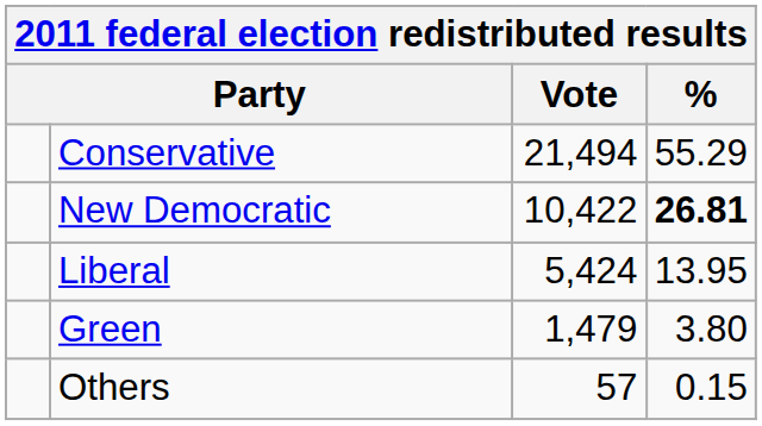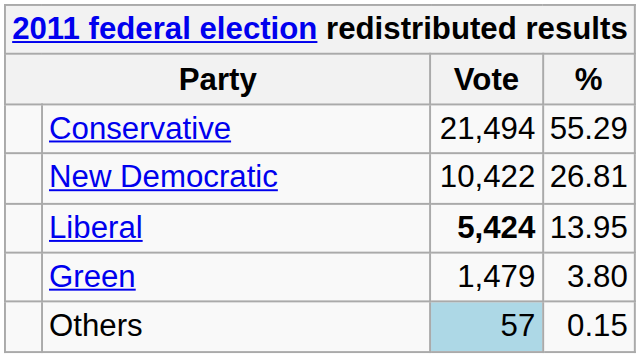 <table class="wikitable">
 <tr>
 <th colspan="4"><a href='#'>2011 federal election</a> redistributed results</th>
 </tr>
 <tr>
 <th width="130" bgcolor="#ddddff" colspan="2">Party</th>
 <th width="50" bgcolor="#ddddff">Vote</th>
 <th width="30" bgcolor="#ddddff">%</th>
 </tr>
 <tr>
 <td> </td>
 <td><a href='#'>Conservative</a></td>
 <td align=right>21,494</td>
 <td align=right>55.29</td>
 </tr>
 <tr>
 <td> </td>
 <td><a href='#'>New Democratic</a></td>
 <td align=right>10,422</td>
-<td align=right><strong>26.81</strong></td>
+<td align=right>26.81</td>
 </tr>
 <tr>
 <td> </td>
 <td><a href='#'>Liberal</a></td>
-<td align=right>5,424</td>
+<td align=right><strong>5,424</strong></td>
 <td align=right>13.95</td>
 </tr>
 <tr>
 <td> </td>
 <td><a href='#'>Green</a></td>
 <td align=right>1,479</td>
 <td align=right>3.80</td>
 </tr>
 <tr>
 <td> </td>
 <td>Others</td>
-<td align=right>57</td>
+<td align=right style="background: lightblue;">57</td>
 <td align=right>0.15</td>
 </tr>
 </table>
